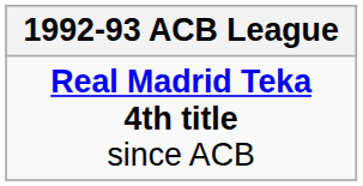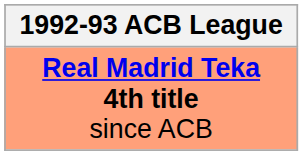 <table class="wikitable" style="margin: 0 auto; width: 20%;">
 <tr>
 <th>1992-93 ACB League</th>
 </tr>
 <tr>
-<td align=center><strong><a href='#'>Real Madrid Teka</a></strong><br><strong>4th title</strong> <br>since ACB</td>
+<td align=center style="background: lightsalmon;"><strong><a href='#'>Real Madrid Teka</a></strong><br><strong>4th title</strong> <br>since ACB</td>
 </tr>
 </table>
